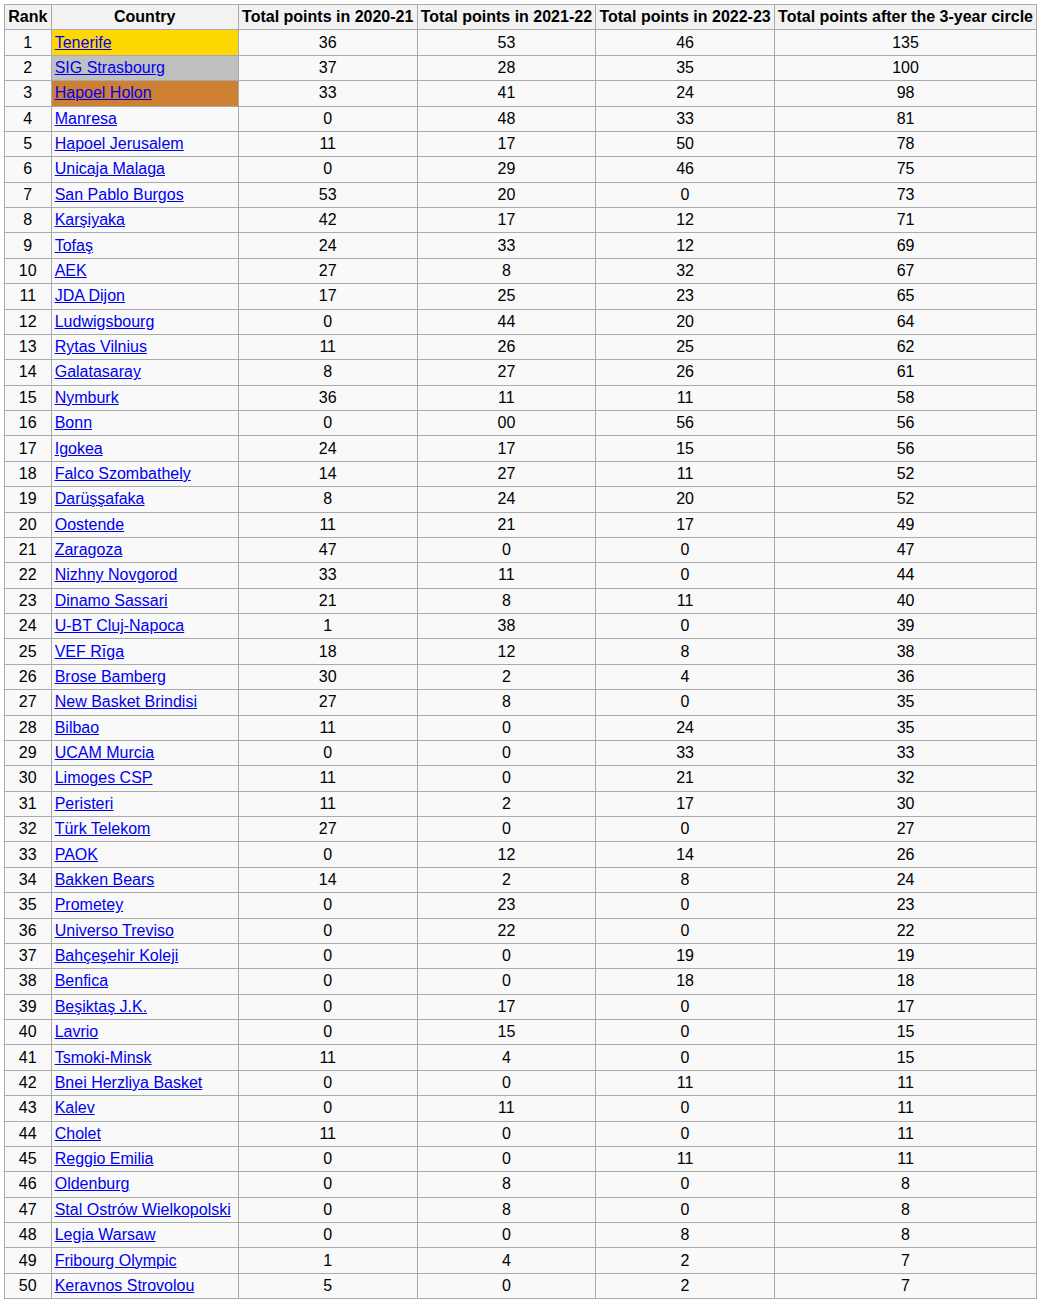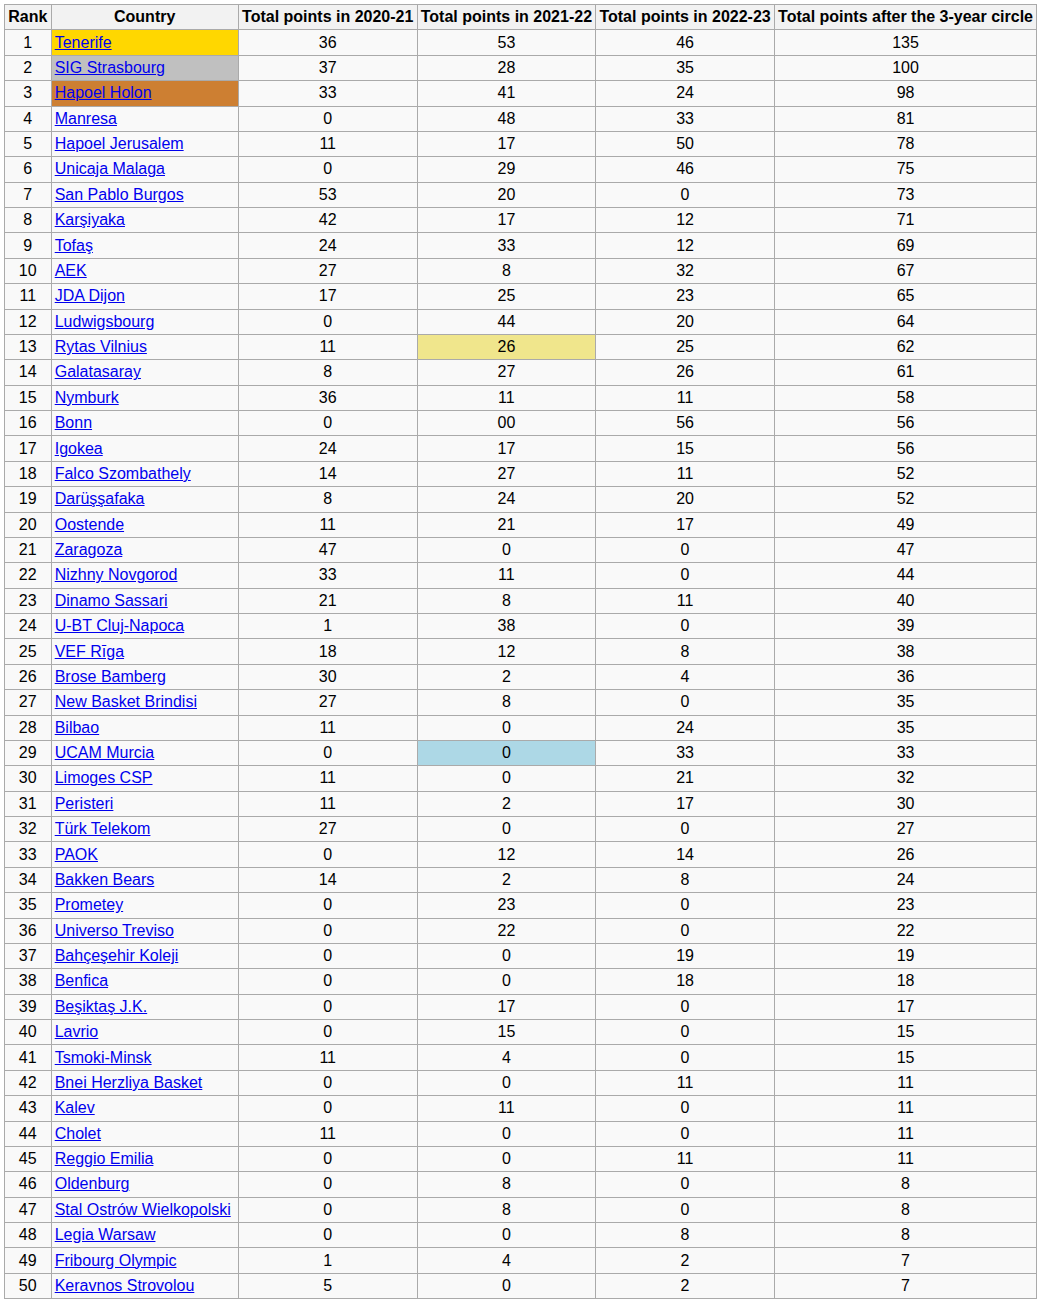 <table class="wikitable" style="text-align:center">
 <tr>
 <th>Rank</th>
 <th width=180>Country</th>
 <th>Total points in 2020-21</th>
 <th>Total points in 2021-22</th>
 <th>Total points in 2022-23</th>
 <th>Total points after the 3-year circle</th>
 </tr>
 <tr>
 <td>1</td>
 <td align=left bgcolor="gold"> <a href='#'>Tenerife</a></td>
 <td>36</td>
 <td>53</td>
 <td>46</td>
 <td>135</td>
 </tr>
 <tr>
 <td>2</td>
 <td align=left bgcolor="Silver"> <a href='#'>SIG Strasbourg</a></td>
 <td>37</td>
 <td>28</td>
 <td>35</td>
 <td>100</td>
 </tr>
 <tr>
 <td>3</td>
 <td align=left bgcolor="#cd7f32"> <a href='#'>Hapoel Holon</a></td>
 <td>33</td>
 <td>41</td>
 <td>24</td>
 <td>98</td>
 </tr>
 <tr>
 <td>4</td>
 <td align=left> <a href='#'>Manresa</a></td>
 <td>0</td>
 <td>48</td>
 <td>33</td>
 <td>81</td>
 </tr>
 <tr>
 <td>5</td>
 <td align=left> <a href='#'>Hapoel Jerusalem</a></td>
 <td>11</td>
 <td>17</td>
 <td>50</td>
 <td>78</td>
 </tr>
 <tr>
 <td>6</td>
 <td align=left> <a href='#'>Unicaja Malaga</a></td>
 <td>0</td>
 <td>29</td>
 <td>46</td>
 <td>75</td>
 </tr>
 <tr>
 <td>7</td>
 <td align=left> <a href='#'>San Pablo Burgos</a></td>
 <td>53</td>
 <td>20</td>
 <td>0</td>
 <td>73</td>
 </tr>
 <tr>
 <td>8</td>
 <td align=left> <a href='#'>Karşiyaka</a></td>
 <td>42</td>
 <td>17</td>
 <td>12</td>
 <td>71</td>
 </tr>
 <tr>
 <td>9</td>
 <td align=left> <a href='#'>Tofaş</a></td>
 <td>24</td>
 <td>33</td>
 <td>12</td>
 <td>69</td>
 </tr>
 <tr>
 <td>10</td>
 <td align=left> <a href='#'>AEK</a></td>
 <td>27</td>
 <td>8</td>
 <td>32</td>
 <td>67</td>
 </tr>
 <tr>
 <td>11</td>
 <td align=left> <a href='#'>JDA Dijon</a></td>
 <td>17</td>
 <td>25</td>
 <td>23</td>
 <td>65</td>
 </tr>
 <tr>
 <td>12</td>
 <td align=left> <a href='#'>Ludwigsbourg</a></td>
 <td>0</td>
 <td>44</td>
 <td>20</td>
 <td>64</td>
 </tr>
 <tr>
 <td>13</td>
 <td align=left> <a href='#'>Rytas Vilnius</a></td>
 <td>11</td>
-<td>26</td>
+<td style="background: khaki;">26</td>
 <td>25</td>
 <td>62</td>
 </tr>
 <tr>
 <td>14</td>
 <td align=left> <a href='#'>Galatasaray</a></td>
 <td>8</td>
 <td>27</td>
 <td>26</td>
 <td>61</td>
 </tr>
 <tr>
 <td>15</td>
 <td align=left> <a href='#'>Nymburk</a></td>
 <td>36</td>
 <td>11</td>
 <td>11</td>
 <td>58</td>
 </tr>
 <tr>
 <td>16</td>
 <td align=left> <a href='#'>Bonn</a></td>
 <td>0</td>
 <td>00</td>
 <td>56</td>
 <td>56</td>
 </tr>
 <tr>
 <td>17</td>
 <td align=left> <a href='#'>Igokea</a></td>
 <td>24</td>
 <td>17</td>
 <td>15</td>
 <td>56</td>
 </tr>
 <tr>
 <td>18</td>
 <td align=left> <a href='#'>Falco Szombathely</a></td>
 <td>14</td>
 <td>27</td>
 <td>11</td>
 <td>52</td>
 </tr>
 <tr>
 <td>19</td>
 <td align=left> <a href='#'>Darüşşafaka</a></td>
 <td>8</td>
 <td>24</td>
 <td>20</td>
 <td>52</td>
 </tr>
 <tr>
 <td>20</td>
 <td align=left> <a href='#'>Oostende</a></td>
 <td>11</td>
 <td>21</td>
 <td>17</td>
 <td>49</td>
 </tr>
 <tr>
 <td>21</td>
 <td align=left> <a href='#'>Zaragoza</a></td>
 <td>47</td>
 <td>0</td>
 <td>0</td>
 <td>47</td>
 </tr>
 <tr>
 <td>22</td>
 <td align=left> <a href='#'>Nizhny Novgorod</a></td>
 <td>33</td>
 <td>11</td>
 <td>0</td>
 <td>44</td>
 </tr>
 <tr>
 <td>23</td>
 <td align=left> <a href='#'>Dinamo Sassari</a></td>
 <td>21</td>
 <td>8</td>
 <td>11</td>
 <td>40</td>
 </tr>
 <tr>
 <td>24</td>
 <td align=left> <a href='#'>U-BT Cluj-Napoca</a></td>
 <td>1</td>
 <td>38</td>
 <td>0</td>
 <td>39</td>
 </tr>
 <tr>
 <td>25</td>
 <td align=left> <a href='#'>VEF Rīga</a></td>
 <td>18</td>
 <td>12</td>
 <td>8</td>
 <td>38</td>
 </tr>
 <tr>
 <td>26</td>
 <td align=left> <a href='#'>Brose Bamberg</a></td>
 <td>30</td>
 <td>2</td>
 <td>4</td>
 <td>36</td>
 </tr>
 <tr>
 <td>27</td>
 <td align=left> <a href='#'>New Basket Brindisi</a></td>
 <td>27</td>
 <td>8</td>
 <td>0</td>
 <td>35</td>
 </tr>
 <tr>
 <td>28</td>
 <td align=left> <a href='#'>Bilbao</a></td>
 <td>11</td>
 <td>0</td>
 <td>24</td>
 <td>35</td>
 </tr>
 <tr>
 <td>29</td>
 <td align=left> <a href='#'>UCAM Murcia</a></td>
 <td>0</td>
-<td>0</td>
+<td style="background: lightblue;">0</td>
 <td>33</td>
 <td>33</td>
 </tr>
 <tr>
 <td>30</td>
 <td align=left> <a href='#'>Limoges CSP</a></td>
 <td>11</td>
 <td>0</td>
 <td>21</td>
 <td>32</td>
 </tr>
 <tr>
 <td>31</td>
 <td align=left> <a href='#'>Peristeri</a></td>
 <td>11</td>
 <td>2</td>
 <td>17</td>
 <td>30</td>
 </tr>
 <tr>
 <td>32</td>
 <td align=left> <a href='#'>Türk Telekom</a></td>
 <td>27</td>
 <td>0</td>
 <td>0</td>
 <td>27</td>
 </tr>
 <tr>
 <td>33</td>
 <td align=left> <a href='#'>PAOK</a></td>
 <td>0</td>
 <td>12</td>
 <td>14</td>
 <td>26</td>
 </tr>
 <tr>
 <td>34</td>
 <td align=left> <a href='#'>Bakken Bears</a></td>
 <td>14</td>
 <td>2</td>
 <td>8</td>
 <td>24</td>
 </tr>
 <tr>
 <td>35</td>
 <td align=left> <a href='#'>Prometey</a></td>
 <td>0</td>
 <td>23</td>
 <td>0</td>
 <td>23</td>
 </tr>
 <tr>
 <td>36</td>
 <td align=left> <a href='#'>Universo Treviso</a></td>
 <td>0</td>
 <td>22</td>
 <td>0</td>
 <td>22</td>
 </tr>
 <tr>
 <td>37</td>
 <td align=left> <a href='#'>Bahçeşehir Koleji</a></td>
 <td>0</td>
 <td>0</td>
 <td>19</td>
 <td>19</td>
 </tr>
 <tr>
 <td>38</td>
 <td align=left> <a href='#'>Benfica</a></td>
 <td>0</td>
 <td>0</td>
 <td>18</td>
 <td>18</td>
 </tr>
 <tr>
 <td>39</td>
 <td align=left> <a href='#'>Beşiktaş J.K.</a></td>
 <td>0</td>
 <td>17</td>
 <td>0</td>
 <td>17</td>
 </tr>
 <tr>
 <td>40</td>
 <td align=left> <a href='#'>Lavrio</a></td>
 <td>0</td>
 <td>15</td>
 <td>0</td>
 <td>15</td>
 </tr>
 <tr>
 <td>41</td>
 <td align=left> <a href='#'>Tsmoki-Minsk</a></td>
 <td>11</td>
 <td>4</td>
 <td>0</td>
 <td>15</td>
 </tr>
 <tr>
 <td>42</td>
 <td align=left> <a href='#'>Bnei Herzliya Basket</a></td>
 <td>0</td>
 <td>0</td>
 <td>11</td>
 <td>11</td>
 </tr>
 <tr>
 <td>43</td>
 <td align=left> <a href='#'>Kalev</a></td>
 <td>0</td>
 <td>11</td>
 <td>0</td>
 <td>11</td>
 </tr>
 <tr>
 <td>44</td>
 <td align=left> <a href='#'>Cholet</a></td>
 <td>11</td>
 <td>0</td>
 <td>0</td>
 <td>11</td>
 </tr>
 <tr>
 <td>45</td>
 <td align=left> <a href='#'>Reggio Emilia</a></td>
 <td>0</td>
 <td>0</td>
 <td>11</td>
 <td>11</td>
 </tr>
 <tr>
 <td>46</td>
 <td align=left> <a href='#'>Oldenburg</a></td>
 <td>0</td>
 <td>8</td>
 <td>0</td>
 <td>8</td>
 </tr>
 <tr>
 <td>47</td>
 <td align=left> <a href='#'>Stal Ostrów Wielkopolski</a></td>
 <td>0</td>
 <td>8</td>
 <td>0</td>
 <td>8</td>
 </tr>
 <tr>
 <td>48</td>
 <td align=left> <a href='#'>Legia Warsaw</a></td>
 <td>0</td>
 <td>0</td>
 <td>8</td>
 <td>8</td>
 </tr>
 <tr>
 <td>49</td>
 <td align=left> <a href='#'>Fribourg Olympic</a></td>
 <td>1</td>
 <td>4</td>
 <td>2</td>
 <td>7</td>
 </tr>
 <tr>
 <td>50</td>
 <td align=left> <a href='#'>Keravnos Strovolou</a></td>
 <td>5</td>
 <td>0</td>
 <td>2</td>
 <td>7</td>
 </tr>
 <tr>
 </tr>
 </table>
